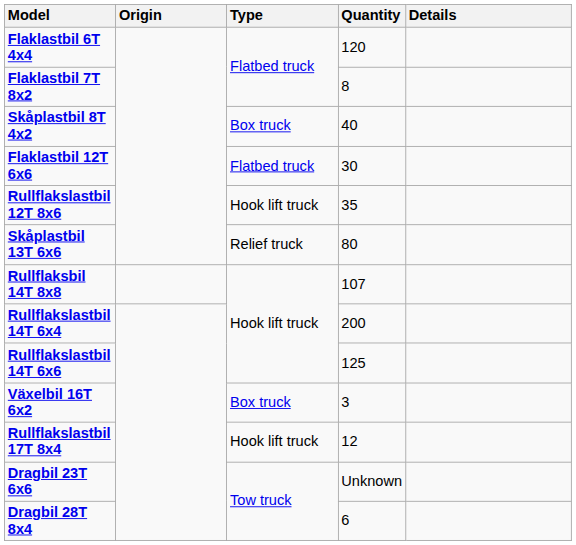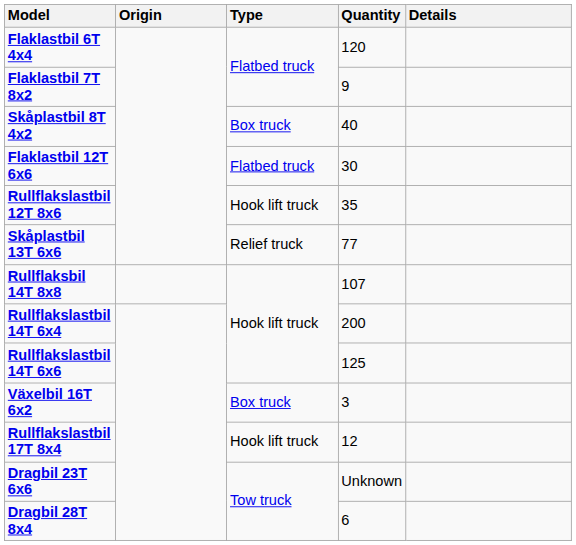 <table class="wikitable" style="width:100%;">
 <tr>
 <th style="text-align:left;width:20%;">Model</th>
 <th style="text-align:left;width:20%;">Origin</th>
 <th style="text-align:left;width:20%;">Type</th>
 <th style="text-align:left;width:10%;">Quantity</th>
 <th style="text-align:left;width:30%;">Details</th>
 </tr>
 <tr>
 <td><strong><a href='#'>Flak­last­bil 6T 4x4</a></strong></td>
 <td rowspan="6"></td>
 <td rowspan="2"><a href='#'>Flatbed truck</a></td>
 <td>120</td>
 <td></td>
 </tr>
 <tr>
 <td><strong><a href='#'>Flak­last­bil 7T 8x2</a></strong></td>
-<td>8</td>
+<td>9</td>
 <td></td>
 </tr>
 <tr>
 <td><strong><a href='#'>Skåp­last­bil 8T 4x2</a></strong></td>
 <td><a href='#'>Box truck</a></td>
 <td>40</td>
 <td></td>
 </tr>
 <tr>
 <td><strong><a href='#'>Flak­last­bil 12T 6x6</a></strong></td>
 <td><a href='#'>Flatbed truck</a></td>
 <td>30</td>
 <td></td>
 </tr>
 <tr>
 <td><strong><a href='#'>Rull­flaks­last­bil 12T 8x6</a></strong></td>
 <td>Hook lift truck</td>
 <td>35</td>
 <td></td>
 </tr>
 <tr>
 <td><strong><a href='#'>Skåp­last­bil 13T 6x6</a></strong></td>
 <td>Relief truck</td>
-<td>80</td>
+<td>77</td>
 <td></td>
 </tr>
 <tr>
 <td><strong><a href='#'>Rull­flaks­bil 14T 8x8</a></strong></td>
 <td></td>
 <td rowspan="3">Hook lift truck</td>
 <td>107</td>
 <td></td>
 </tr>
 <tr>
 <td><strong><a href='#'>Rull­flaks­last­bil 14T 6x4</a></strong></td>
 <td rowspan="6"></td>
 <td>200</td>
 <td></td>
 </tr>
 <tr>
 <td><strong><a href='#'>Rull­flaks­last­bil 14T 6x6</a></strong></td>
 <td>125</td>
 <td></td>
 </tr>
 <tr>
 <td><strong><a href='#'>Växel­bil 16T 6x2</a></strong></td>
 <td><a href='#'>Box truck</a></td>
 <td>3</td>
 <td></td>
 </tr>
 <tr>
 <td><strong><a href='#'>Rull­flaks­last­bil 17T 8x4</a></strong></td>
 <td>Hook lift truck</td>
 <td>12</td>
 <td></td>
 </tr>
 <tr>
 <td><strong><a href='#'>Drag­bil 23T 6x6</a></strong></td>
 <td rowspan="2"><a href='#'>Tow truck</a></td>
 <td>Unknown</td>
 <td></td>
 </tr>
 <tr>
 <td><strong><a href='#'>Drag­bil 28T 8x4</a></strong></td>
 <td>6</td>
 <td></td>
 </tr>
 </table>
